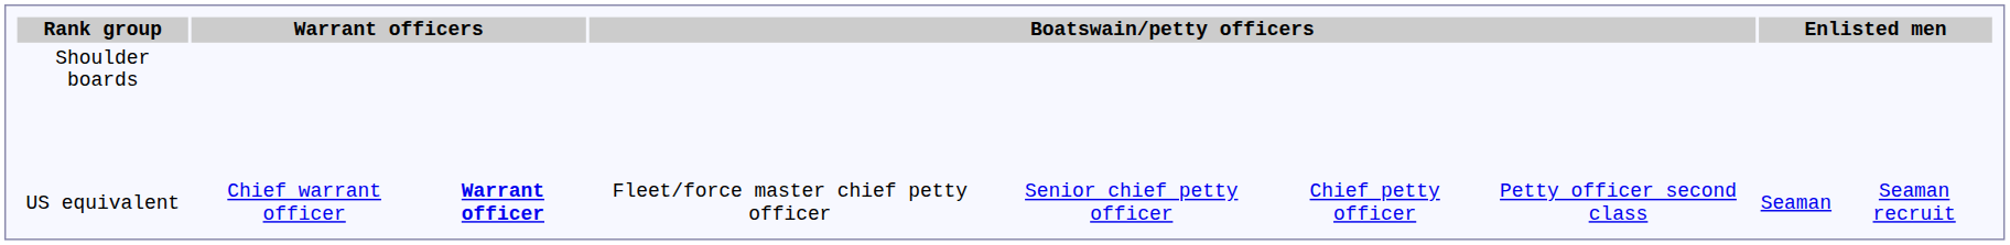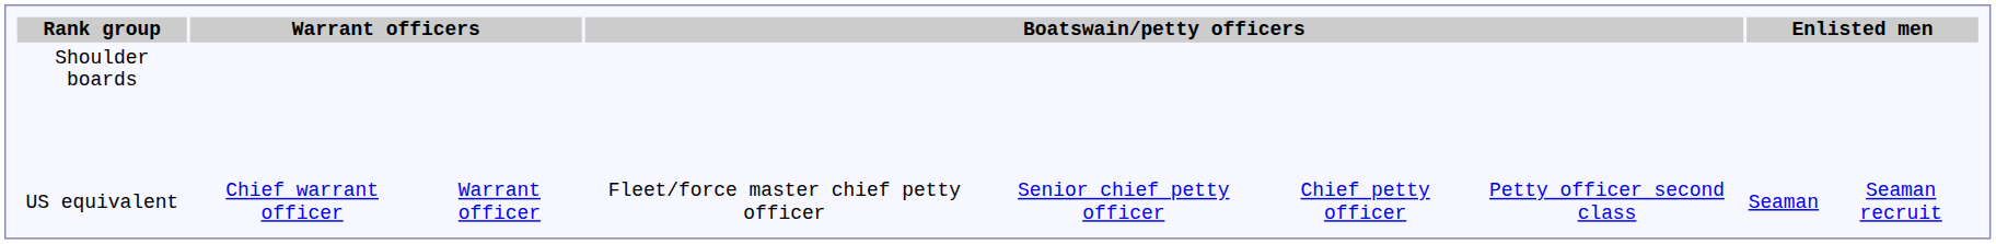 <table style="border:1px solid #8888aa; background-color:#f7f8ff; padding:5px; font-size:95%; margin: 0px 12px 12px 0px;">
 <tr style="background-color:#CCCCCC; text-align:center;">
 <th>Rank group</th>
 <th colspan="2">Warrant officers</th>
 <th colspan="5">Boatswain/petty officers</th>
 <th colspan="3">Enlisted men</th>
 </tr>
 <tr style="text-align:center;">
 <td>Shoulder boards</td>
 <td></td>
 <td></td>
 <td></td>
 <td></td>
 <td></td>
 <td></td>
 <td></td>
 <td></td>
 <td></td>
 </tr>
 <tr style="text-align:center;">
 <td></td>
 <td></td>
 <td></td>
 <td></td>
 <td></td>
 </tr>
 <tr style="text-align:center;">
 <td></td>
 <td><br></td>
 <td><br></td>
 <td colspan=2><br></td>
 <td><br></td>
 <td><br></td>
 <td><br></td>
 <td><br></td>
 <td><br></td>
 </tr>
 <tr style="text-align:center;">
 <td></td>
 <td></td>
 <td></td>
 <td colspan=2></td>
 </tr>
 <tr style="text-align:center;">
 <td colspan=10></td>
 </tr>
 <tr style="text-align:center;">
 <td></td>
 <td><br></td>
 <td><br></td>
 <td colspan=2><br></td>
 <td><br></td>
 <td><br></td>
 <td><br></td>
 <td><br></td>
 <td><br></td>
 </tr>
 <tr style="text-align:center;">
 <td colspan=10></td>
 </tr>
 <tr style="text-align:center;">
 <td>US equivalent</td>
 <td><a href='#'>Chief warrant officer</a></td>
-<td><strong><a href='#'>Warrant officer</a></strong></td>
+<td><a href='#'>Warrant officer</a></td>
 <td colspan=2>Fleet/force master chief petty officer</td>
 <td><a href='#'>Senior chief petty officer</a></td>
 <td><a href='#'>Chief petty officer</a></td>
 <td><a href='#'>Petty officer second class</a></td>
 <td><a href='#'>Seaman</a></td>
 <td><a href='#'>Seaman recruit</a></td>
 </tr>
 </table>
